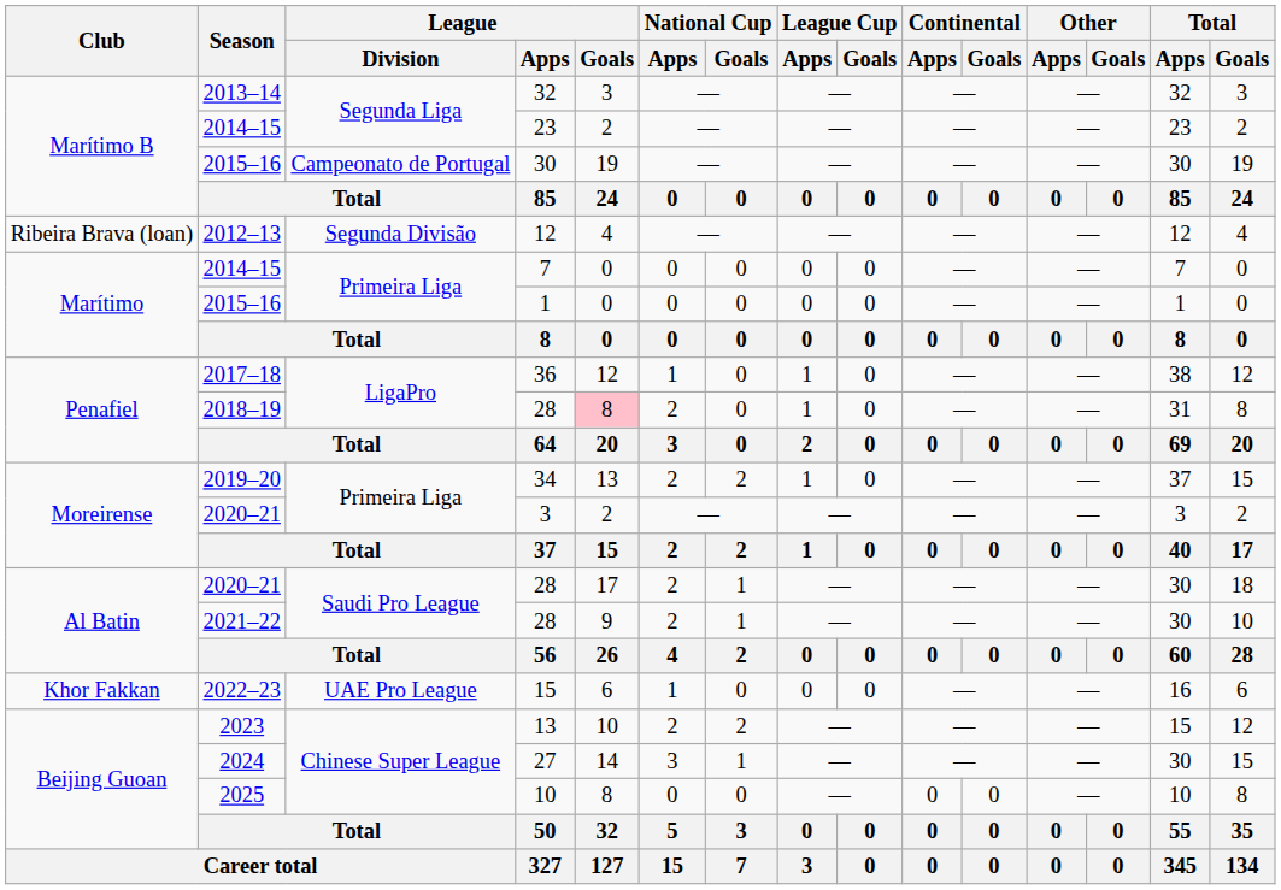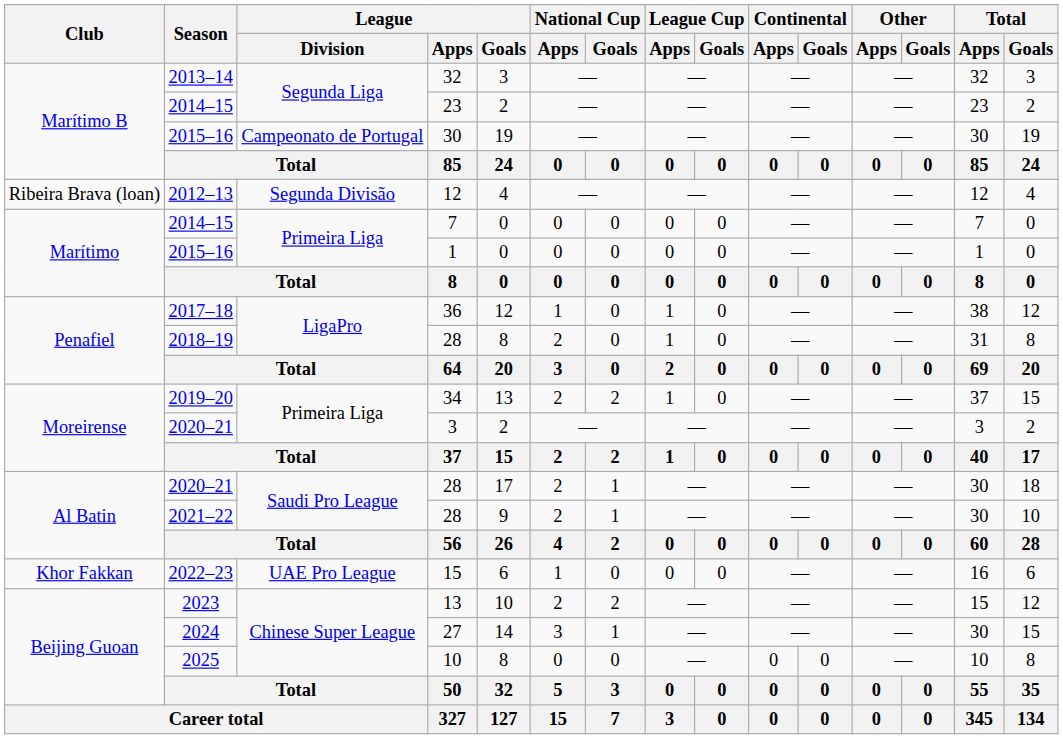 <table class="wikitable" style="text-align: center;">
 <tr>
 <th rowspan="2">Club</th>
 <th rowspan="2">Season</th>
 <th colspan="3">League</th>
 <th colspan="2">National Cup</th>
 <th colspan="2">League Cup</th>
 <th colspan="2">Continental</th>
 <th colspan="2">Other</th>
 <th colspan="2">Total</th>
 </tr>
 <tr>
 <th>Division</th>
 <th>Apps</th>
 <th>Goals</th>
 <th>Apps</th>
 <th>Goals</th>
 <th>Apps</th>
 <th>Goals</th>
 <th>Apps</th>
 <th>Goals</th>
 <th>Apps</th>
 <th>Goals</th>
 <th>Apps</th>
 <th>Goals</th>
 </tr>
 <tr>
 <td rowspan="4"><a href='#'>Marítimo B</a></td>
 <td><a href='#'>2013–14</a></td>
 <td rowspan="2"><a href='#'>Segunda Liga</a></td>
 <td>32</td>
 <td>3</td>
 <td colspan="2">—</td>
 <td colspan="2">—</td>
 <td colspan="2">—</td>
 <td colspan="2">—</td>
 <td>32</td>
 <td>3</td>
 </tr>
 <tr>
 <td><a href='#'>2014–15</a></td>
 <td>23</td>
 <td>2</td>
 <td colspan="2">—</td>
 <td colspan="2">—</td>
 <td colspan="2">—</td>
 <td colspan="2">—</td>
 <td>23</td>
 <td>2</td>
 </tr>
 <tr>
 <td><a href='#'>2015–16</a></td>
 <td><a href='#'>Campeonato de Portugal</a></td>
 <td>30</td>
 <td>19</td>
 <td colspan="2">—</td>
 <td colspan="2">—</td>
 <td colspan="2">—</td>
 <td colspan="2">—</td>
 <td>30</td>
 <td>19</td>
 </tr>
 <tr>
 <th colspan="2">Total</th>
 <th>85</th>
 <th>24</th>
 <th>0</th>
 <th>0</th>
 <th>0</th>
 <th>0</th>
 <th>0</th>
 <th>0</th>
 <th>0</th>
 <th>0</th>
 <th>85</th>
 <th>24</th>
 </tr>
 <tr>
 <td>Ribeira Brava (loan)</td>
 <td><a href='#'>2012–13</a></td>
 <td><a href='#'>Segunda Divisão</a></td>
 <td>12</td>
 <td>4</td>
 <td colspan="2">—</td>
 <td colspan="2">—</td>
 <td colspan="2">—</td>
 <td colspan="2">—</td>
 <td>12</td>
 <td>4</td>
 </tr>
 <tr>
 <td rowspan="3"><a href='#'>Marítimo</a></td>
 <td><a href='#'>2014–15</a></td>
 <td rowspan="2"><a href='#'>Primeira Liga</a></td>
 <td>7</td>
 <td>0</td>
 <td>0</td>
 <td>0</td>
 <td>0</td>
 <td>0</td>
 <td colspan="2">—</td>
 <td colspan="2">—</td>
 <td>7</td>
 <td>0</td>
 </tr>
 <tr>
 <td><a href='#'>2015–16</a></td>
 <td>1</td>
 <td>0</td>
 <td>0</td>
 <td>0</td>
 <td>0</td>
 <td>0</td>
 <td colspan="2">—</td>
 <td colspan="2">—</td>
 <td>1</td>
 <td>0</td>
 </tr>
 <tr>
 <th colspan="2">Total</th>
 <th>8</th>
 <th>0</th>
 <th>0</th>
 <th>0</th>
 <th>0</th>
 <th>0</th>
 <th>0</th>
 <th>0</th>
 <th>0</th>
 <th>0</th>
 <th>8</th>
 <th>0</th>
 </tr>
 <tr>
 <td rowspan="3"><a href='#'>Penafiel</a></td>
 <td><a href='#'>2017–18</a></td>
 <td rowspan="2"><a href='#'>LigaPro</a></td>
 <td>36</td>
 <td>12</td>
 <td>1</td>
 <td>0</td>
 <td>1</td>
 <td>0</td>
 <td colspan="2">—</td>
 <td colspan="2">—</td>
 <td>38</td>
 <td>12</td>
 </tr>
 <tr>
 <td><a href='#'>2018–19</a></td>
 <td>28</td>
-<td style="background: pink;">8</td>
+<td>8</td>
 <td>2</td>
 <td>0</td>
 <td>1</td>
 <td>0</td>
 <td colspan="2">—</td>
 <td colspan="2">—</td>
 <td>31</td>
 <td>8</td>
 </tr>
 <tr>
 <th colspan="2">Total</th>
 <th>64</th>
 <th>20</th>
 <th>3</th>
 <th>0</th>
 <th>2</th>
 <th>0</th>
 <th>0</th>
 <th>0</th>
 <th>0</th>
 <th>0</th>
 <th>69</th>
 <th>20</th>
 </tr>
 <tr>
 <td rowspan="3"><a href='#'>Moreirense</a></td>
 <td><a href='#'>2019–20</a></td>
 <td rowspan="2">Primeira Liga</td>
 <td>34</td>
 <td>13</td>
 <td>2</td>
 <td>2</td>
 <td>1</td>
 <td>0</td>
 <td colspan="2">—</td>
 <td colspan="2">—</td>
 <td>37</td>
 <td>15</td>
 </tr>
 <tr>
 <td><a href='#'>2020–21</a></td>
 <td>3</td>
 <td>2</td>
 <td colspan="2">—</td>
 <td colspan="2">—</td>
 <td colspan="2">—</td>
 <td colspan="2">—</td>
 <td>3</td>
 <td>2</td>
 </tr>
 <tr>
 <th colspan="2">Total</th>
 <th>37</th>
 <th>15</th>
 <th>2</th>
 <th>2</th>
 <th>1</th>
 <th>0</th>
 <th>0</th>
 <th>0</th>
 <th>0</th>
 <th>0</th>
 <th>40</th>
 <th>17</th>
 </tr>
 <tr>
 <td rowspan="3"><a href='#'>Al Batin</a></td>
 <td><a href='#'>2020–21</a></td>
 <td rowspan="2"><a href='#'>Saudi Pro League</a></td>
 <td>28</td>
 <td>17</td>
 <td>2</td>
 <td>1</td>
 <td colspan="2">—</td>
 <td colspan="2">—</td>
 <td colspan="2">—</td>
 <td>30</td>
 <td>18</td>
 </tr>
 <tr>
 <td><a href='#'>2021–22</a></td>
 <td>28</td>
 <td>9</td>
 <td>2</td>
 <td>1</td>
 <td colspan="2">—</td>
 <td colspan="2">—</td>
 <td colspan="2">—</td>
 <td>30</td>
 <td>10</td>
 </tr>
 <tr>
 <th colspan="2">Total</th>
 <th>56</th>
 <th>26</th>
 <th>4</th>
 <th>2</th>
 <th>0</th>
 <th>0</th>
 <th>0</th>
 <th>0</th>
 <th>0</th>
 <th>0</th>
 <th>60</th>
 <th>28</th>
 </tr>
 <tr>
 <td><a href='#'>Khor Fakkan</a></td>
 <td><a href='#'>2022–23</a></td>
 <td><a href='#'>UAE Pro League</a></td>
 <td>15</td>
 <td>6</td>
 <td>1</td>
 <td>0</td>
 <td>0</td>
 <td>0</td>
 <td colspan="2">—</td>
 <td colspan="2">—</td>
 <td>16</td>
 <td>6</td>
 </tr>
 <tr>
 <td rowspan="4"><a href='#'>Beijing Guoan</a></td>
 <td><a href='#'>2023</a></td>
 <td rowspan="3"><a href='#'>Chinese Super League</a></td>
 <td>13</td>
 <td>10</td>
 <td>2</td>
 <td>2</td>
 <td colspan="2">—</td>
 <td colspan="2">—</td>
 <td colspan="2">—</td>
 <td>15</td>
 <td>12</td>
 </tr>
 <tr>
 <td><a href='#'>2024</a></td>
 <td>27</td>
 <td>14</td>
 <td>3</td>
 <td>1</td>
 <td colspan="2">—</td>
 <td colspan="2">—</td>
 <td colspan="2">—</td>
 <td>30</td>
 <td>15</td>
 </tr>
 <tr>
 <td><a href='#'>2025</a></td>
 <td>10</td>
 <td>8</td>
 <td>0</td>
 <td>0</td>
 <td colspan="2">—</td>
 <td>0</td>
 <td>0</td>
 <td colspan="2">—</td>
 <td>10</td>
 <td>8</td>
 </tr>
 <tr>
 <th colspan="2">Total</th>
 <th>50</th>
 <th>32</th>
 <th>5</th>
 <th>3</th>
 <th>0</th>
 <th>0</th>
 <th>0</th>
 <th>0</th>
 <th>0</th>
 <th>0</th>
 <th>55</th>
 <th>35</th>
 </tr>
 <tr>
 <th colspan="3">Career total</th>
 <th>327</th>
 <th>127</th>
 <th>15</th>
 <th>7</th>
 <th>3</th>
 <th>0</th>
 <th>0</th>
 <th>0</th>
 <th>0</th>
 <th>0</th>
 <th>345</th>
 <th>134</th>
 </tr>
 </table>
